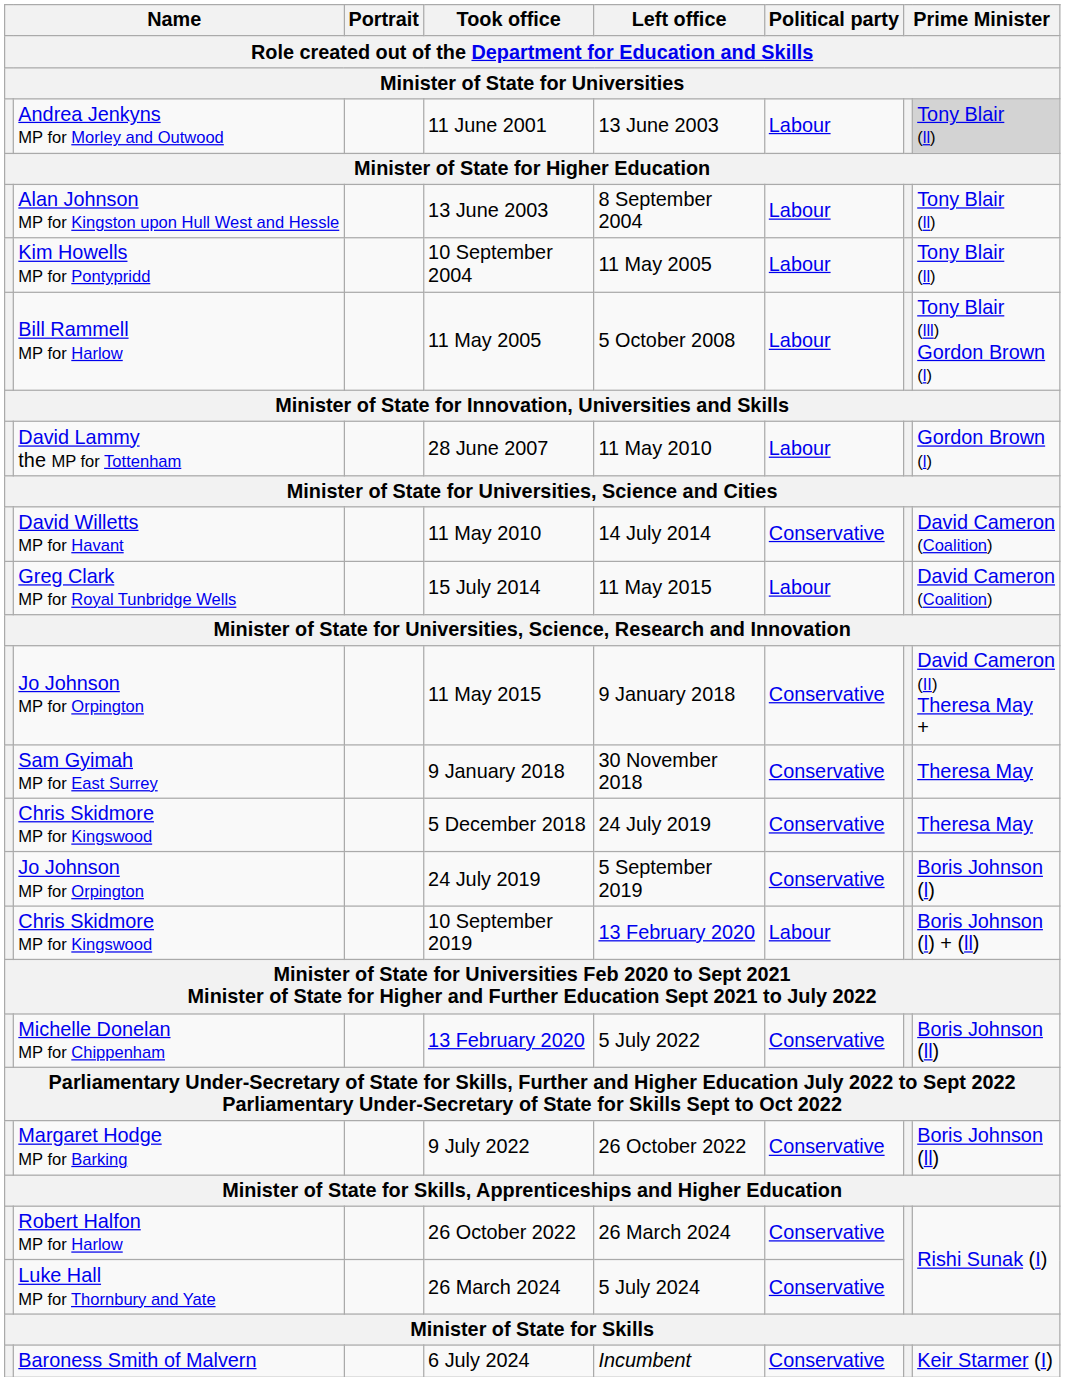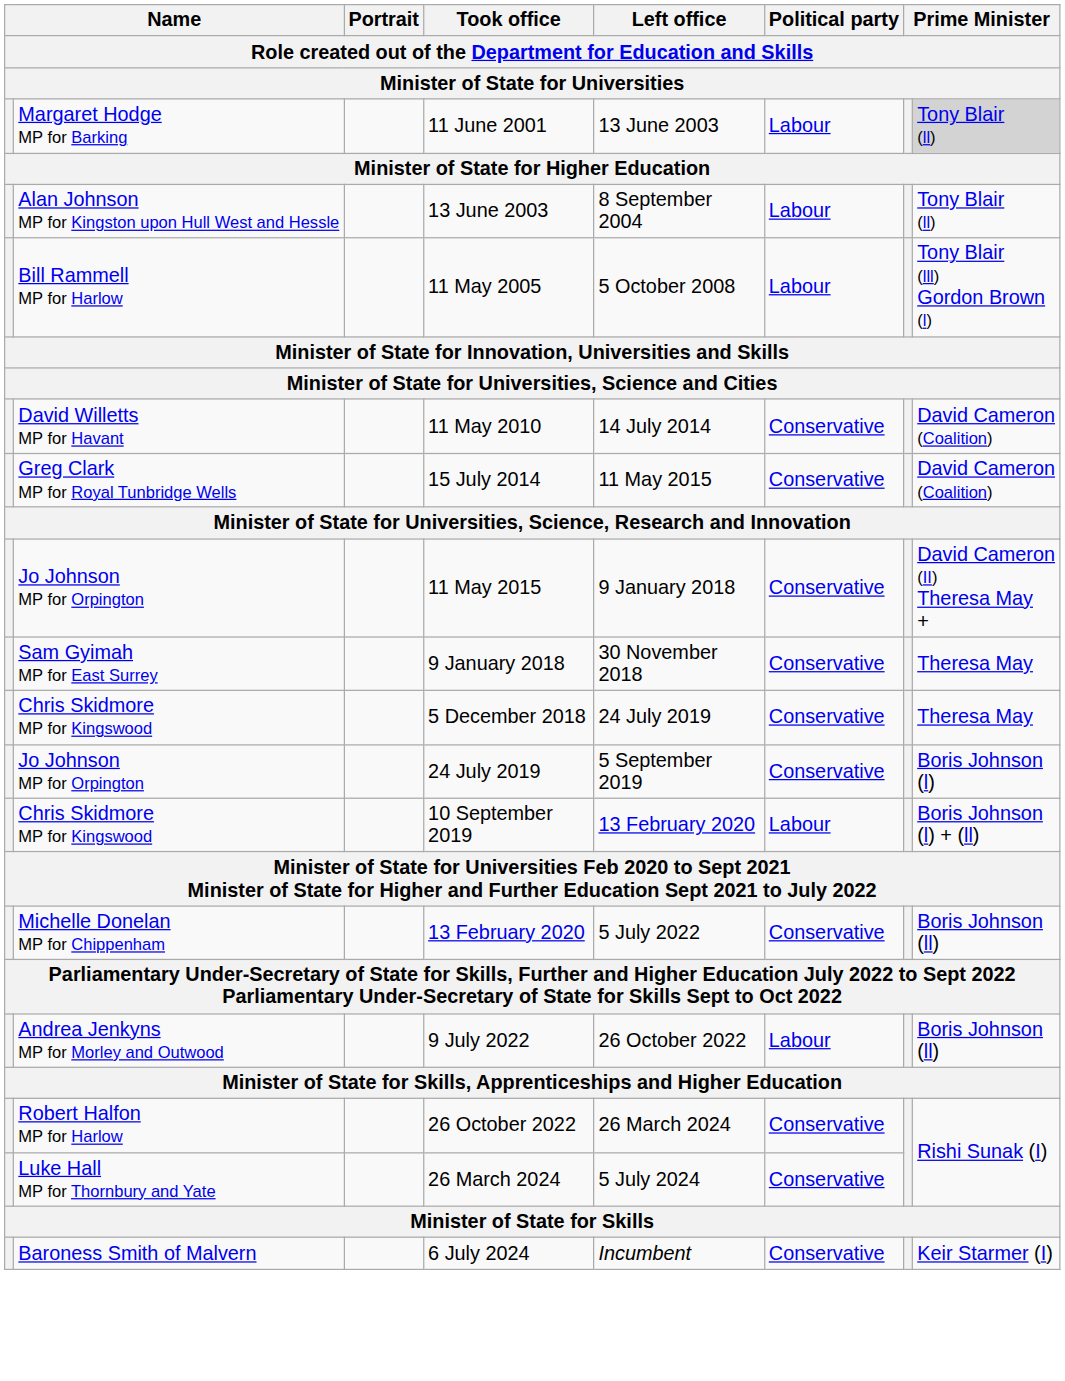 <table class="wikitable">
 <tr>
 <th colspan="2">Name</th>
 <th>Portrait</th>
 <th width="130">Took office</th>
 <th width="130">Left office</th>
 <th>Political party</th>
 <th colspan="2">Prime Minister</th>
 </tr>
 <tr>
 <th colspan="8">Role created out of the <a href='#'>Department for Education and Skills</a></th>
 </tr>
 <tr>
 <th colspan="8">Minister of State for Universities</th>
 </tr>
 <tr>
 <th style="background-color: "></th>
-<td><a href='#'>Andrea Jenkyns</a><br><small>MP for <a href='#'>Morley and Outwood</a></small></td>
+<td><a href='#'>Margaret Hodge</a><br><small>MP for <a href='#'>Barking</a></small></td>
 <td></td>
 <td>11 June 2001</td>
 <td>13 June 2003</td>
 <td><a href='#'>Labour</a></td>
 <th style="background-color: "></th>
 <td style="background: lightgrey;"><a href='#'>Tony Blair</a><br><small>(<a href='#'>ll</a>)</small></td>
 </tr>
 <tr>
 <th colspan="8">Minister of State for Higher Education</th>
 </tr>
 <tr>
 <th style="background-color: "></th>
 <td><a href='#'>Alan Johnson</a><br><small>MP for <a href='#'>Kingston upon Hull West and Hessle</a></small></td>
 <td></td>
 <td>13 June 2003</td>
 <td>8 September 2004</td>
 <td><a href='#'>Labour</a></td>
 <th style="background-color: "></th>
 <td><a href='#'>Tony Blair</a><br><small>(<a href='#'>ll</a>)</small></td>
 </tr>
 <tr>
 <th style="background-color: "></th>
-<td><a href='#'>Kim Howells</a><br><small>MP for <a href='#'>Pontypridd</a></small></td>
-<td></td>
-<td>10 September 2004</td>
-<td>11 May 2005</td>
-<td><a href='#'>Labour</a></td>
-<th style="background-color: "></th>
-<td><a href='#'>Tony Blair</a><br><small>(<a href='#'>ll</a>)</small></td>
-</tr>
-<tr>
-<th style="background-color: "></th>
 <td><a href='#'>Bill Rammell</a><br><small>MP for <a href='#'>Harlow</a></small></td>
 <td></td>
 <td>11 May 2005</td>
 <td>5 October 2008</td>
 <td><a href='#'>Labour</a></td>
 <th style="background-color: "></th>
 <td><a href='#'>Tony Blair</a><br><small>(<a href='#'>lll</a>)</small><br><a href='#'>Gordon Brown</a><br><small>(<a href='#'>l</a>)</small></td>
 </tr>
 <tr>
 <th colspan="8">Minister of State for Innovation, Universities and Skills</th>
-</tr>
-<tr>
-<th style="background-color: "></th>
-<td><a href='#'>David Lammy</a><br>the <small>MP for <a href='#'>Tottenham</a></small></td>
-<td></td>
-<td>28 June 2007</td>
-<td>11 May 2010</td>
-<td><a href='#'>Labour</a></td>
-<th style="background-color: "></th>
-<td><a href='#'>Gordon Brown</a><br><small>(<a href='#'>l</a>)</small></td>
 </tr>
 <tr>
 <th colspan="8">Minister of State for Universities, Science and Cities</th>
 </tr>
 <tr>
 <th style="background-color: "></th>
 <td><a href='#'>David Willetts</a><br><small>MP for <a href='#'>Havant</a></small></td>
 <td></td>
 <td>11 May 2010</td>
 <td>14 July 2014</td>
 <td><a href='#'>Conservative</a></td>
 <th style="background-color: "></th>
 <td><a href='#'>David Cameron</a><br><small>(<a href='#'>Coalition</a>)</small></td>
 </tr>
 <tr>
 <th style="background-color: "></th>
 <td><a href='#'>Greg Clark</a><br><small>MP for <a href='#'>Royal Tunbridge Wells</a></small></td>
 <td></td>
 <td>15 July 2014</td>
 <td>11 May 2015</td>
-<td><a href='#'>Labour</a></td>
+<td><a href='#'>Conservative</a></td>
 <th style="background-color: "></th>
 <td><a href='#'>David Cameron</a><br><small>(<a href='#'>Coalition</a>)</small></td>
 </tr>
 <tr>
 <th colspan="8">Minister of State for Universities, Science, Research and Innovation</th>
 </tr>
 <tr>
 <th style="background-color: "></th>
 <td><a href='#'>Jo Johnson</a><br><small>MP for <a href='#'>Orpington</a></small></td>
 <td></td>
 <td>11 May 2015</td>
 <td>9 January 2018</td>
 <td><a href='#'>Conservative</a></td>
 <th style="background-color: "></th>
 <td><a href='#'>David Cameron</a><br><small>(<a href='#'>II</a>)</small><br><a href='#'>Theresa May</a><br> + </td>
 </tr>
 <tr>
 <th style="background-color: "></th>
 <td><a href='#'>Sam Gyimah</a><br><small>MP for <a href='#'>East Surrey</a></small></td>
 <td></td>
 <td>9 January 2018</td>
 <td>30 November 2018</td>
 <td><a href='#'>Conservative</a></td>
 <th style="background-color: "></th>
 <td><a href='#'>Theresa May</a><br></td>
 </tr>
 <tr>
 <th style="background-color: "></th>
 <td><a href='#'>Chris Skidmore</a><br><small>MP for <a href='#'>Kingswood</a></small></td>
 <td></td>
 <td>5 December 2018</td>
 <td>24 July 2019</td>
 <td><a href='#'>Conservative</a></td>
 <th style="background-color: "></th>
 <td><a href='#'>Theresa May</a><br></td>
 </tr>
 <tr>
 <th style="background-color: "></th>
 <td><a href='#'>Jo Johnson</a><br><small>MP for <a href='#'>Orpington</a></small></td>
 <td></td>
 <td>24 July 2019</td>
 <td>5 September 2019</td>
 <td><a href='#'>Conservative</a></td>
 <th style="background-color: "></th>
 <td><a href='#'>Boris Johnson</a><br>(<a href='#'>l</a>)</td>
 </tr>
 <tr>
 <th style="background-color: "></th>
 <td><a href='#'>Chris Skidmore</a><br><small>MP for <a href='#'>Kingswood</a></small></td>
 <td></td>
 <td>10 September 2019</td>
 <td><a href='#'>13 February 2020</a></td>
 <td><a href='#'>Labour</a></td>
 <th style="background-color: "></th>
 <td><a href='#'>Boris Johnson</a><br>(<a href='#'>l</a>) + (<a href='#'>ll</a>)</td>
 </tr>
 <tr>
 <th colspan="8">Minister of State for Universities Feb 2020 to Sept 2021 <br> Minister of State for Higher and Further Education Sept 2021 to July 2022</th>
 </tr>
 <tr>
 <th style="background-color: "></th>
 <td><a href='#'>Michelle Donelan</a><br><small>MP for <a href='#'>Chippenham</a></small></td>
 <td></td>
 <td><a href='#'>13 February 2020</a></td>
 <td>5 July 2022</td>
 <td><a href='#'>Conservative</a></td>
 <th style="background-color: "></th>
 <td><a href='#'>Boris Johnson</a><br>(<a href='#'>ll</a>)</td>
 </tr>
 <tr>
 <th colspan="8">Parliamentary Under-Secretary of State for Skills, Further and Higher Education July 2022 to Sept 2022 <br> Parliamentary Under-Secretary of State for Skills Sept to Oct 2022</th>
 </tr>
 <tr>
 <th style="background-color: "></th>
-<td><a href='#'>Margaret Hodge</a><br><small>MP for <a href='#'>Barking</a></small></td>
+<td><a href='#'>Andrea Jenkyns</a><br><small>MP for <a href='#'>Morley and Outwood</a></small></td>
 <td></td>
 <td>9 July 2022</td>
 <td>26 October 2022</td>
-<td><a href='#'>Conservative</a></td>
+<td><a href='#'>Labour</a></td>
 <th style="background-color: "></th>
 <td><a href='#'>Boris Johnson</a><br>(<a href='#'>ll</a>)</td>
 </tr>
 <tr>
 <th colspan="8">Minister of State for Skills, Apprenticeships and Higher Education</th>
 </tr>
 <tr>
 <th style="background-color: "></th>
 <td><a href='#'>Robert Halfon</a><br><small>MP for <a href='#'>Harlow</a></small></td>
 <td></td>
 <td>26 October 2022</td>
 <td>26 March 2024</td>
 <td><a href='#'>Conservative</a></td>
 <th rowspan=2 style="background-color: "></th>
 <td rowspan=2><a href='#'>Rishi Sunak</a> (<a href='#'>I</a>)</td>
 </tr>
 <tr>
 <th style="background-color: "></th>
 <td><a href='#'>Luke Hall</a><br><small>MP for <a href='#'>Thornbury and Yate</a></small></td>
 <td></td>
 <td>26 March 2024</td>
 <td>5 July 2024</td>
 <td><a href='#'>Conservative</a></td>
 </tr>
 <tr>
 <th colspan="8">Minister of State for Skills</th>
 </tr>
 <tr>
 <th style="background-color: "></th>
 <td><a href='#'>Baroness Smith of Malvern</a></td>
 <td></td>
 <td>6 July 2024</td>
 <td><em>Incumbent</em></td>
 <td><a href='#'>Conservative</a></td>
 <th style="background-color: "></th>
 <td><a href='#'>Keir Starmer</a> (<a href='#'>I</a>)</td>
 </tr>
 </table>
